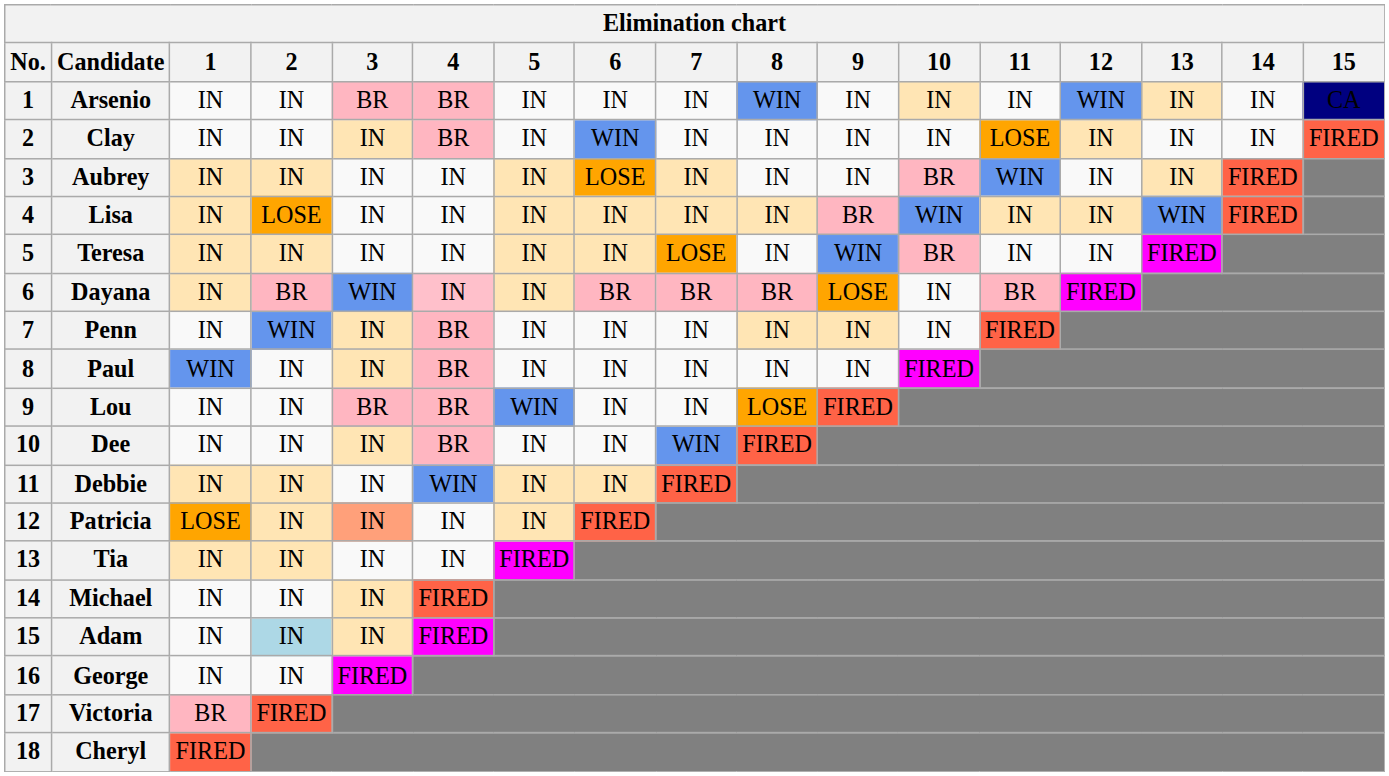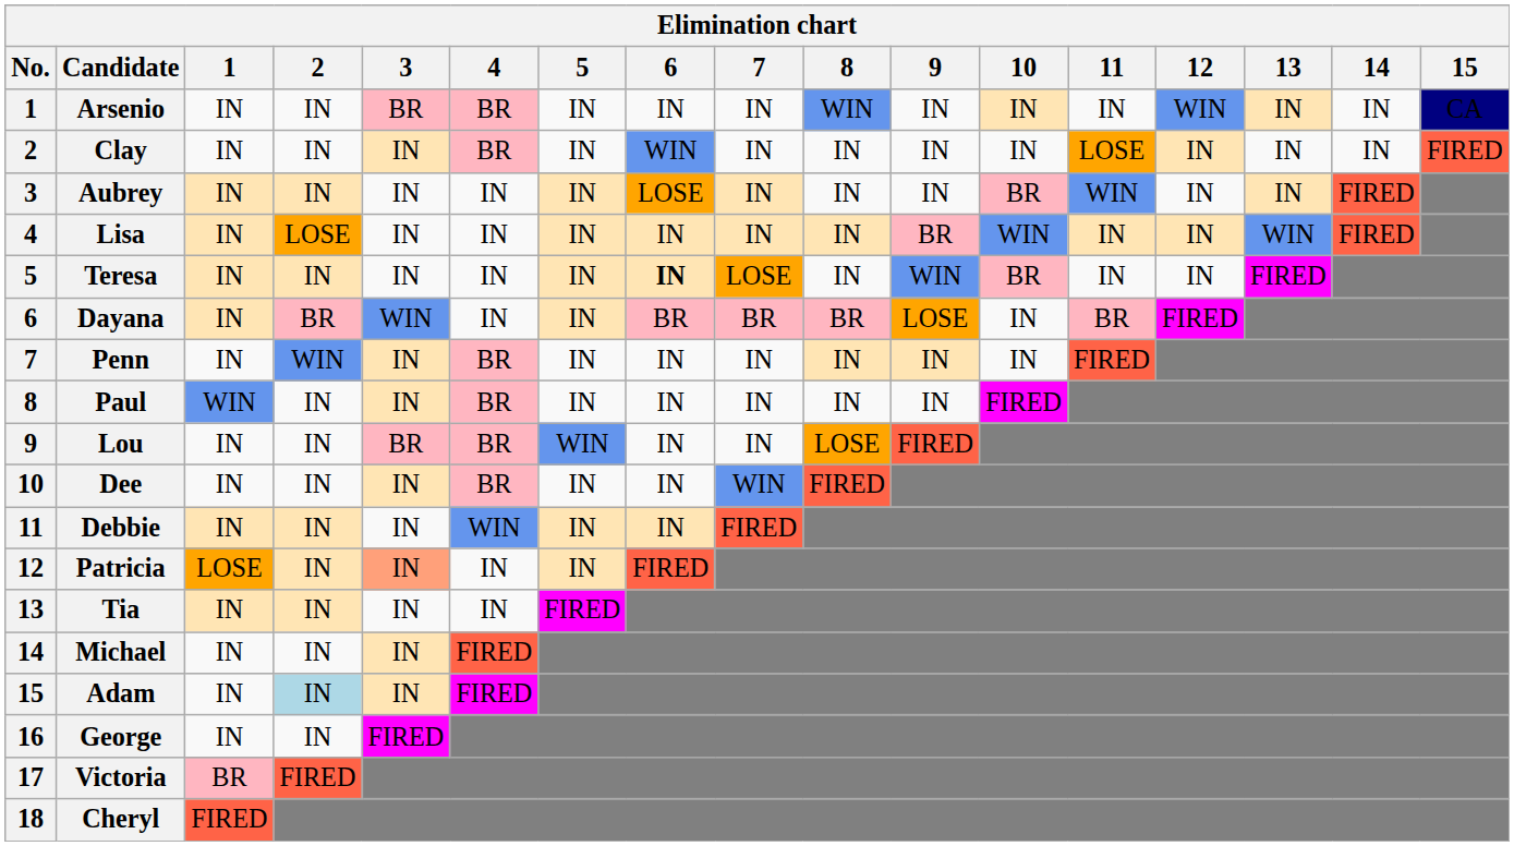 <table class="wikitable" style="text-align:center;">
 <tr>
 <th colspan="17">Elimination chart</th>
 </tr>
 <tr>
 <th>No.</th>
 <th>Candidate</th>
 <th>1</th>
 <th>2</th>
 <th>3</th>
 <th>4</th>
 <th>5</th>
 <th>6</th>
 <th>7</th>
 <th>8</th>
 <th>9</th>
 <th>10</th>
 <th>11</th>
 <th>12</th>
 <th>13</th>
 <th>14</th>
 <th>15</th>
 </tr>
 <tr>
 <th>1</th>
 <th>Arsenio</th>
 <td>IN</td>
 <td>IN</td>
 <td style="background:lightpink;">BR</td>
 <td style="background:lightpink;">BR</td>
 <td>IN</td>
 <td>IN</td>
 <td>IN</td>
 <td style="background:cornflowerblue;">WIN</td>
 <td>IN</td>
 <td style="background:#ffe5b4;">IN</td>
 <td>IN</td>
 <td style="background:cornflowerblue;">WIN</td>
 <td style="background:#ffe5b4;">IN</td>
 <td>IN</td>
 <td style="background:navy;"><span> CA </span></td>
 </tr>
 <tr>
 <th>2</th>
 <th>Clay</th>
 <td>IN</td>
 <td>IN</td>
 <td style="background:#ffe5b4;">IN</td>
 <td style="background:lightpink;">BR</td>
 <td>IN</td>
 <td style="background:cornflowerblue;">WIN</td>
 <td>IN</td>
 <td>IN</td>
 <td>IN</td>
 <td>IN</td>
 <td style="background:orange;">LOSE</td>
 <td style="background:#ffe5b4;">IN</td>
 <td>IN</td>
 <td>IN</td>
 <td style="background:tomato;">FIRED</td>
 </tr>
 <tr>
 <th>3</th>
 <th>Aubrey</th>
 <td style="background:#ffe5b4;">IN</td>
 <td style="background:#ffe5b4;">IN</td>
 <td>IN</td>
 <td>IN</td>
 <td style="background:#ffe5b4;">IN</td>
 <td style="background:orange;">LOSE</td>
 <td style="background:#ffe5b4;">IN</td>
 <td>IN</td>
 <td>IN</td>
 <td style="background:lightpink;">BR</td>
 <td style="background:cornflowerblue;">WIN</td>
 <td>IN</td>
 <td style="background:#ffe5b4;">IN</td>
 <td style="background:tomato;">FIRED</td>
 <td colspan="2" style="background:gray;"></td>
 </tr>
 <tr>
 <th>4</th>
 <th>Lisa</th>
 <td style="background:#ffe5b4;">IN</td>
 <td style="background:orange;">LOSE</td>
 <td>IN</td>
 <td>IN</td>
 <td style="background:#ffe5b4;">IN</td>
 <td style="background:#ffe5b4;">IN</td>
 <td style="background:#ffe5b4;">IN</td>
 <td style="background:#ffe5b4;">IN</td>
 <td style="background:lightpink;">BR</td>
 <td style="background:cornflowerblue;">WIN</td>
 <td style="background:#ffe5b4;">IN</td>
 <td style="background:#ffe5b4;">IN</td>
 <td style="background:cornflowerblue;">WIN</td>
 <td style="background:tomato;">FIRED</td>
 <td colspan="2" style="background:gray;"></td>
 </tr>
 <tr>
 <th>5</th>
 <th>Teresa</th>
 <td style="background:#ffe5b4;">IN</td>
 <td style="background:#ffe5b4;">IN</td>
 <td>IN</td>
 <td>IN</td>
 <td style="background:#ffe5b4;">IN</td>
-<td style="background:#ffe5b4;">IN</td>
+<td style="background:#ffe5b4;"><strong>IN</strong></td>
 <td style="background:orange;">LOSE</td>
 <td>IN</td>
 <td style="background:cornflowerblue;">WIN</td>
 <td style="background:lightpink;">BR</td>
 <td>IN</td>
 <td>IN</td>
 <td style="background:magenta;">FIRED</td>
 <td colspan="3" style="background:gray;"></td>
 </tr>
 <tr>
 <th>6</th>
 <th>Dayana</th>
 <td style="background:#ffe5b4;">IN</td>
 <td style="background:lightpink;">BR</td>
 <td style="background:cornflowerblue;">WIN</td>
-<td style="background: pink;">IN</td>
+<td>IN</td>
 <td style="background:#ffe5b4;">IN</td>
 <td style="background:lightpink;">BR</td>
 <td style="background:lightpink;">BR</td>
 <td style="background:lightpink;">BR</td>
 <td style="background:orange;">LOSE</td>
 <td>IN</td>
 <td style="background:lightpink;">BR</td>
 <td style="background:magenta;">FIRED</td>
 <td colspan="4" style="background:gray;"></td>
 </tr>
 <tr>
 <th>7</th>
 <th>Penn</th>
 <td>IN</td>
 <td style="background:cornflowerblue;">WIN</td>
 <td style="background:#ffe5b4;">IN</td>
 <td style="background:lightpink;">BR</td>
 <td>IN</td>
 <td>IN</td>
 <td>IN</td>
 <td style="background:#ffe5b4;">IN</td>
 <td style="background:#ffe5b4;">IN</td>
 <td>IN</td>
 <td style="background:tomato;">FIRED</td>
 <td colspan="5" style="background:gray;"></td>
 </tr>
 <tr>
 <th>8</th>
 <th>Paul</th>
 <td style="background:cornflowerblue;">WIN</td>
 <td>IN</td>
 <td style="background:#ffe5b4;">IN</td>
 <td style="background:lightpink;">BR</td>
 <td>IN</td>
 <td>IN</td>
 <td>IN</td>
 <td>IN</td>
 <td>IN</td>
 <td style="background:magenta;">FIRED</td>
 <td colspan="6" style="background:gray;"></td>
 </tr>
 <tr>
 <th>9</th>
 <th>Lou</th>
 <td>IN</td>
 <td>IN</td>
 <td style="background:lightpink;">BR</td>
 <td style="background:lightpink;">BR</td>
 <td style="background:cornflowerblue;">WIN</td>
 <td>IN</td>
 <td>IN</td>
 <td style="background:orange;">LOSE</td>
 <td style="background:tomato;">FIRED</td>
 <td colspan="7" style="background:gray;"></td>
 </tr>
 <tr>
 <th>10</th>
 <th>Dee</th>
 <td>IN</td>
 <td>IN</td>
 <td style="background:#ffe5b4;">IN</td>
 <td style="background:lightpink;">BR</td>
 <td>IN</td>
 <td>IN</td>
 <td style="background:cornflowerblue;">WIN</td>
 <td style="background:tomato;">FIRED</td>
 <td colspan="8" style="background:gray;"></td>
 </tr>
 <tr>
 <th>11</th>
 <th>Debbie</th>
 <td style="background:#ffe5b4;">IN</td>
 <td style="background:#ffe5b4;">IN</td>
 <td>IN</td>
 <td style="background:cornflowerblue;">WIN</td>
 <td style="background:#ffe5b4;">IN</td>
 <td style="background:#ffe5b4;">IN</td>
 <td style="background:tomato;">FIRED</td>
 <td colspan="9" style="background:gray;"></td>
 </tr>
 <tr>
 <th>12</th>
 <th>Patricia</th>
 <td style="background:orange;">LOSE</td>
 <td style="background:#ffe5b4;">IN</td>
 <td style="background: lightsalmon;">IN</td>
 <td>IN</td>
 <td style="background:#ffe5b4;">IN</td>
 <td style="background:tomato;">FIRED</td>
 <td colspan="10" style="background:gray;"></td>
 </tr>
 <tr>
 <th>13</th>
 <th>Tia</th>
 <td style="background:#ffe5b4;">IN</td>
 <td style="background:#ffe5b4;">IN</td>
 <td>IN</td>
 <td>IN</td>
 <td style="background:magenta;">FIRED</td>
 <td colspan="11" style="background:gray;"></td>
 </tr>
 <tr>
 <th>14</th>
 <th>Michael</th>
 <td>IN</td>
 <td>IN</td>
 <td style="background:#ffe5b4;">IN</td>
 <td style="background:tomato;">FIRED</td>
 <td colspan="12" style="background:gray;"></td>
 </tr>
 <tr>
 <th>15</th>
 <th>Adam</th>
 <td>IN</td>
 <td style="background:lightblue;">IN</td>
 <td style="background:#ffe5b4;">IN</td>
 <td style="background:magenta;">FIRED</td>
 <td colspan="12" style="background:gray;"></td>
 </tr>
 <tr>
 <th>16</th>
 <th>George</th>
 <td>IN</td>
 <td>IN</td>
 <td style="background:magenta;">FIRED</td>
 <td colspan="13" style="background:gray;"></td>
 </tr>
 <tr>
 <th>17</th>
 <th>Victoria</th>
 <td style="background:lightpink;">BR</td>
 <td style="background:tomato;">FIRED</td>
 <td colspan="14" style="background:gray;"></td>
 </tr>
 <tr>
 <th>18</th>
 <th>Cheryl</th>
 <td style="background:tomato;">FIRED</td>
 <td colspan="15" style="background:gray;"></td>
 </tr>
 </table>
